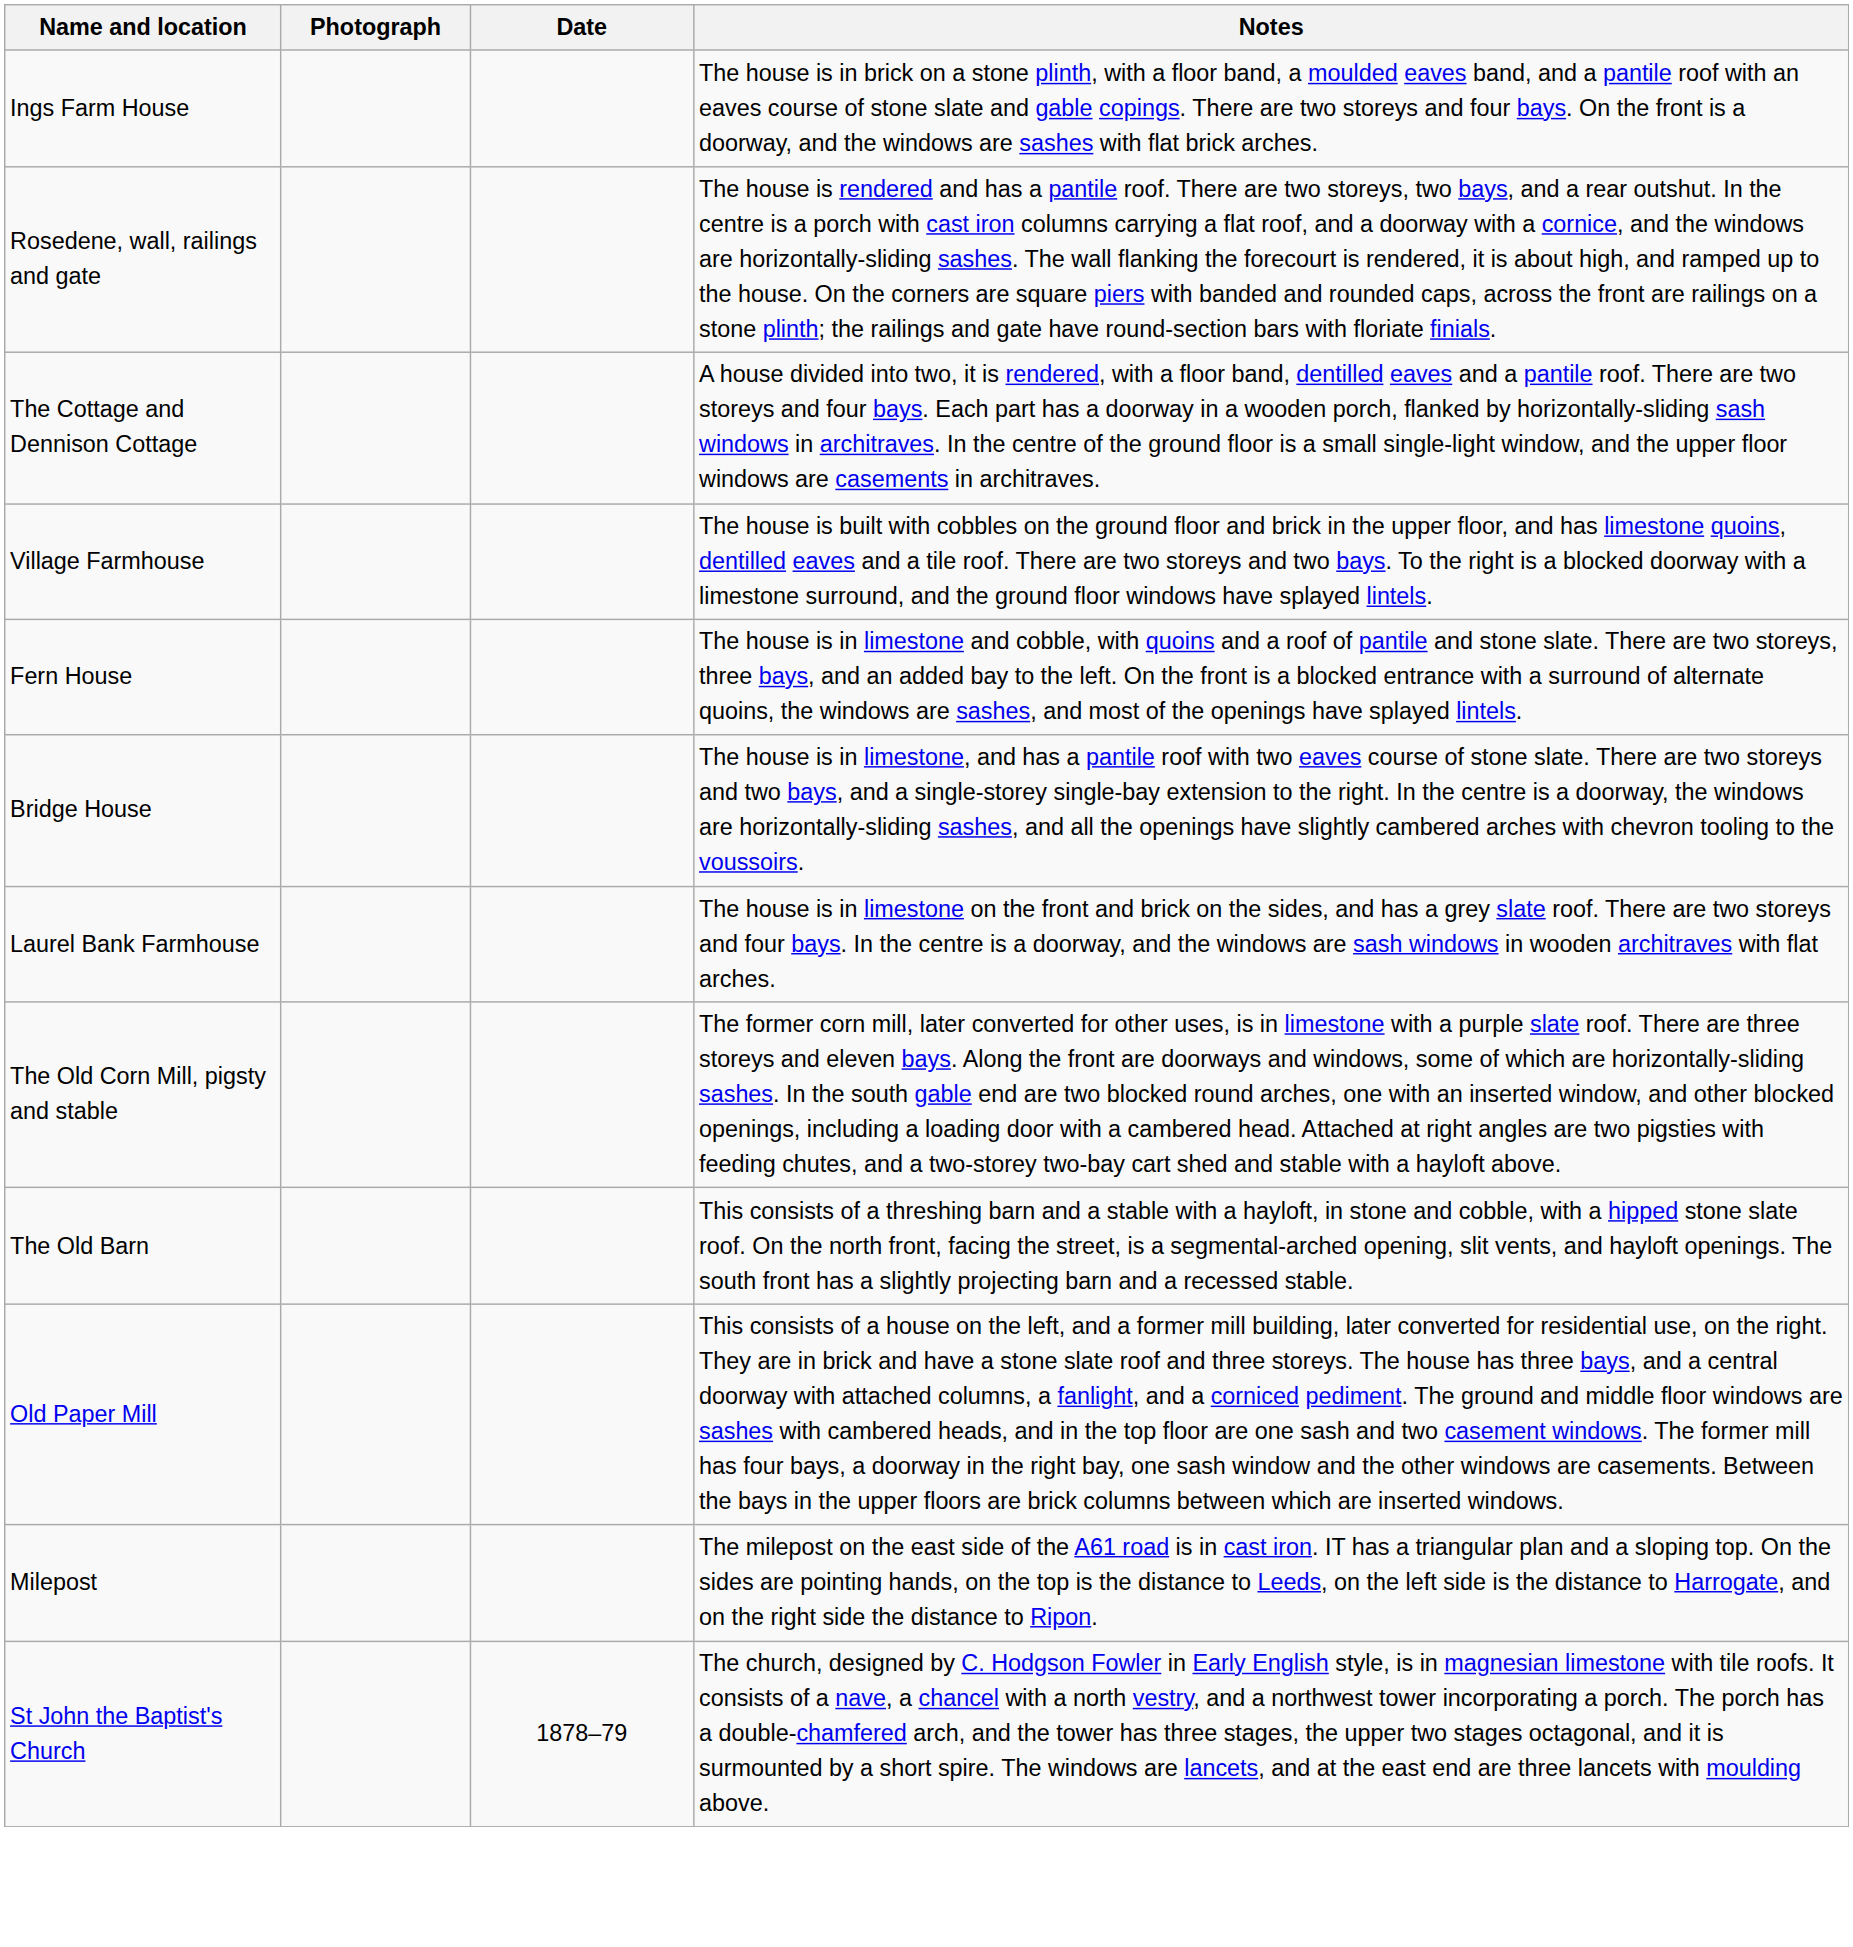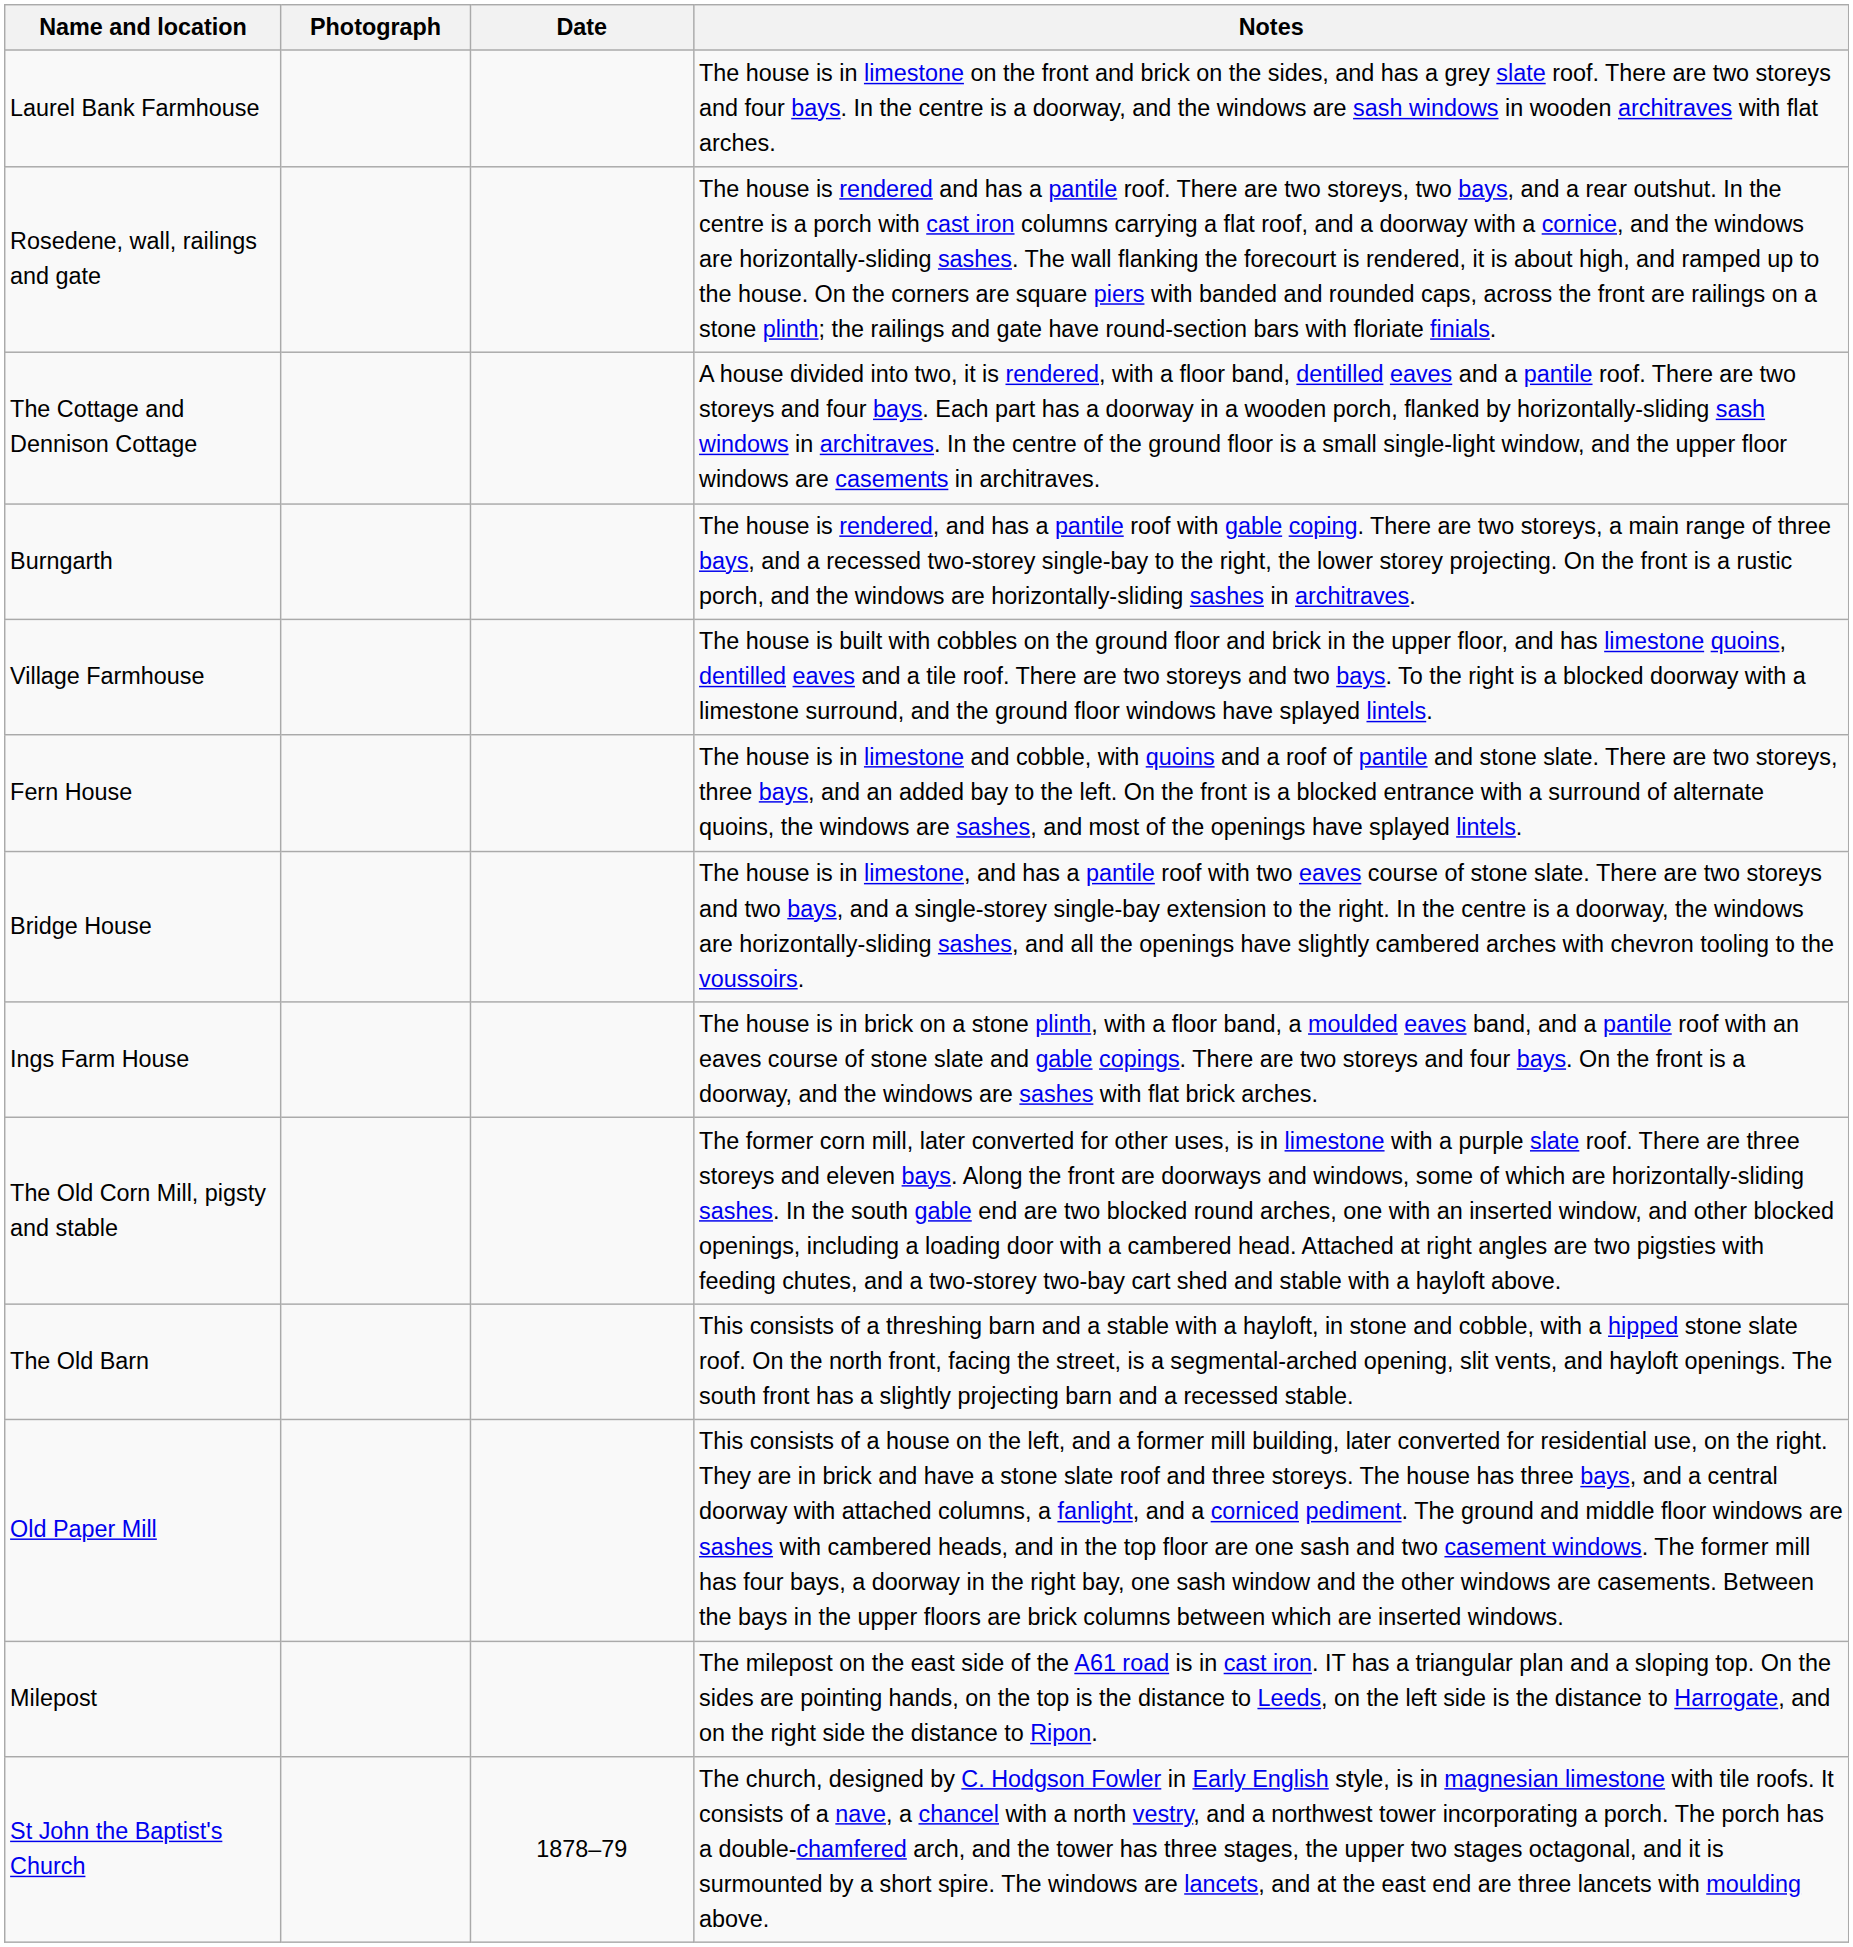 <table class="wikitable sortable plainrowheaders" style="width:100%;border:0px;text-align:left;line-height:150%;">
 <tr>
 <th scope="col"  style="width:150px">Name and location</th>
 <th scope="col"  style="width:100px" class="unsortable">Photograph</th>
 <th scope="col"  style="width:120px">Date</th>
 <th scope="col"  style="width:650px" class="unsortable">Notes</th>
 </tr>
 <tr>
-<td>Ings Farm House<br><small></small></td>
+<td>Laurel Bank Farmhouse<br><small></small></td>
 <td></td>
 <td align="center"></td>
-<td>The house is in brick on a stone <a href='#'>plinth</a>, with a floor band, a <a href='#'>moulded</a> <a href='#'>eaves</a> band, and a <a href='#'>pantile</a> roof with an eaves course of stone slate and <a href='#'>gable</a> <a href='#'>copings</a>.  There are two storeys and four <a href='#'>bays</a>.  On the front is a doorway, and the windows are <a href='#'>sashes</a> with flat brick arches.</td>
+<td>The house is in <a href='#'>limestone</a> on the front and brick on the sides, and has a grey <a href='#'>slate</a> roof.  There are two storeys and four <a href='#'>bays</a>.  In the centre is a doorway, and the windows are <a href='#'>sash windows</a> in wooden <a href='#'>architraves</a> with flat arches.</td>
 </tr>
 <tr>
 <td>Rosedene, wall, railings and gate<br><small></small></td>
 <td></td>
 <td align="center"></td>
 <td>The house is <a href='#'>rendered</a> and has a <a href='#'>pantile</a> roof.  There are two storeys, two <a href='#'>bays</a>, and a rear outshut.  In the centre is a porch with <a href='#'>cast iron</a> columns carrying a flat roof, and a doorway with a <a href='#'>cornice</a>, and the windows are horizontally-sliding <a href='#'>sashes</a>.  The wall flanking the forecourt is rendered, it is about  high, and ramped up to the house.  On the corners are square <a href='#'>piers</a> with banded and rounded caps, across the front are railings on a stone <a href='#'>plinth</a>; the railings and gate have round-section bars with floriate <a href='#'>finials</a>.</td>
 </tr>
 <tr>
 <td>The Cottage and Dennison Cottage<br><small></small></td>
 <td></td>
 <td align="center"></td>
 <td>A house divided into two, it is <a href='#'>rendered</a>, with a floor band, <a href='#'>dentilled</a> <a href='#'>eaves</a> and a <a href='#'>pantile</a> roof.  There are two storeys and four <a href='#'>bays</a>.  Each part has a doorway in a wooden porch, flanked by horizontally-sliding <a href='#'>sash windows</a> in <a href='#'>architraves</a>.  In the centre of the ground floor is a small single-light window, and the upper floor windows are <a href='#'>casements</a> in architraves.</td>
+</tr>
+<tr>
+<td>Burngarth<br><small></small></td>
+<td></td>
+<td align="center"></td>
+<td>The house is <a href='#'>rendered</a>, and has a <a href='#'>pantile</a> roof with <a href='#'>gable</a> <a href='#'>coping</a>.  There are two storeys, a main range of three <a href='#'>bays</a>, and a recessed two-storey single-bay to the right, the lower storey projecting.  On the front is a rustic porch, and the windows are horizontally-sliding <a href='#'>sashes</a> in <a href='#'>architraves</a>.</td>
 </tr>
 <tr>
 <td>Village Farmhouse<br><small></small></td>
 <td></td>
 <td align="center"></td>
 <td>The house is built with cobbles on the ground floor and brick in the upper floor, and has <a href='#'>limestone</a> <a href='#'>quoins</a>, <a href='#'>dentilled</a> <a href='#'>eaves</a> and a tile roof.  There are two storeys and two <a href='#'>bays</a>.  To the right is a blocked doorway with a limestone surround, and the ground floor windows have splayed <a href='#'>lintels</a>.</td>
 </tr>
 <tr>
 <td>Fern House<br><small></small></td>
 <td></td>
 <td align="center"></td>
 <td>The house is in <a href='#'>limestone</a> and cobble, with <a href='#'>quoins</a> and a roof of <a href='#'>pantile</a> and stone slate.  There are two storeys, three <a href='#'>bays</a>, and an added bay to the left.  On the front is a blocked entrance with a surround of alternate quoins, the windows are <a href='#'>sashes</a>, and most of the openings have splayed <a href='#'>lintels</a>.</td>
 </tr>
 <tr>
 <td>Bridge House<br><small></small></td>
 <td></td>
 <td align="center"></td>
 <td>The house is in <a href='#'>limestone</a>, and has a <a href='#'>pantile</a> roof with two <a href='#'>eaves</a> course of stone slate.  There are two storeys and two <a href='#'>bays</a>, and a single-storey single-bay extension to the right.  In the centre is a doorway, the windows are horizontally-sliding <a href='#'>sashes</a>, and all the openings have slightly cambered arches with chevron tooling to the <a href='#'>voussoirs</a>.</td>
 </tr>
 <tr>
-<td>Laurel Bank Farmhouse<br><small></small></td>
+<td>Ings Farm House<br><small></small></td>
 <td></td>
 <td align="center"></td>
-<td>The house is in <a href='#'>limestone</a> on the front and brick on the sides, and has a grey <a href='#'>slate</a> roof.  There are two storeys and four <a href='#'>bays</a>.  In the centre is a doorway, and the windows are <a href='#'>sash windows</a> in wooden <a href='#'>architraves</a> with flat arches.</td>
+<td>The house is in brick on a stone <a href='#'>plinth</a>, with a floor band, a <a href='#'>moulded</a> <a href='#'>eaves</a> band, and a <a href='#'>pantile</a> roof with an eaves course of stone slate and <a href='#'>gable</a> <a href='#'>copings</a>.  There are two storeys and four <a href='#'>bays</a>.  On the front is a doorway, and the windows are <a href='#'>sashes</a> with flat brick arches.</td>
 </tr>
 <tr>
 <td>The Old Corn Mill, pigsty and stable<br><small></small></td>
 <td></td>
 <td align="center"></td>
 <td>The former corn mill, later converted for other uses, is in <a href='#'>limestone</a> with a purple <a href='#'>slate</a> roof.  There are three storeys and eleven <a href='#'>bays</a>.  Along the front are doorways and windows, some of which are horizontally-sliding <a href='#'>sashes</a>.  In the south <a href='#'>gable</a> end are two blocked round arches, one with an inserted window, and other blocked openings, including a loading door with a cambered head.  Attached at right angles are two pigsties with feeding chutes, and a two-storey two-bay cart shed and stable with a hayloft above.</td>
 </tr>
 <tr>
 <td>The Old Barn<br><small></small></td>
 <td></td>
 <td align="center"></td>
 <td>This consists of a threshing barn and a stable with a hayloft, in stone and cobble, with a <a href='#'>hipped</a> stone slate roof.  On the north front, facing the street, is a segmental-arched opening, slit vents, and hayloft openings.  The south front has a slightly projecting barn and a recessed stable.</td>
 </tr>
 <tr>
 <td><a href='#'>Old Paper Mill</a><br><small></small></td>
 <td></td>
 <td align="center"></td>
 <td>This consists of a house on the left, and a former mill building, later converted for residential use, on the right.  They are in brick and have a stone slate roof and three storeys.  The house has three <a href='#'>bays</a>, and a central doorway with attached columns, a <a href='#'>fanlight</a>, and a <a href='#'>corniced</a> <a href='#'>pediment</a>.  The ground and middle floor windows are <a href='#'>sashes</a> with cambered heads, and in the top floor are one sash and two <a href='#'>casement windows</a>.  The former mill has four bays, a doorway in the right bay, one sash window and the other windows are casements.  Between the bays in the upper floors are brick columns between which are inserted windows.</td>
 </tr>
 <tr>
 <td>Milepost<br><small></small></td>
 <td></td>
 <td align="center"></td>
 <td>The milepost on the east side of the <a href='#'>A61 road</a> is in <a href='#'>cast iron</a>.  IT has a triangular plan and a sloping top.  On the sides are pointing hands, on the top is the distance to <a href='#'>Leeds</a>, on the left side is the distance to <a href='#'>Harrogate</a>, and on the right side the distance to <a href='#'>Ripon</a>.</td>
 </tr>
 <tr>
 <td><a href='#'>St John the Baptist's Church</a><br><small></small></td>
 <td></td>
 <td align="center">1878–79</td>
 <td>The church, designed by <a href='#'>C. Hodgson Fowler</a> in <a href='#'>Early English</a> style, is in <a href='#'>magnesian limestone</a> with tile roofs.  It consists of a <a href='#'>nave</a>, a <a href='#'>chancel</a> with a north <a href='#'>vestry</a>, and a northwest tower incorporating a porch.  The porch has a double-<a href='#'>chamfered</a> arch, and the tower has three stages, the upper two stages octagonal, and it is surmounted by a short spire.  The windows are <a href='#'>lancets</a>, and at the east end are three lancets with <a href='#'>moulding</a> above.</td>
 </tr>
 <tr>
 </tr>
 </table>
